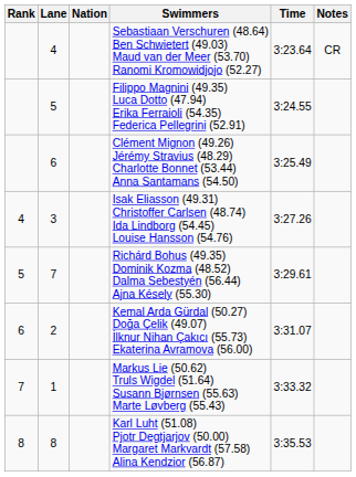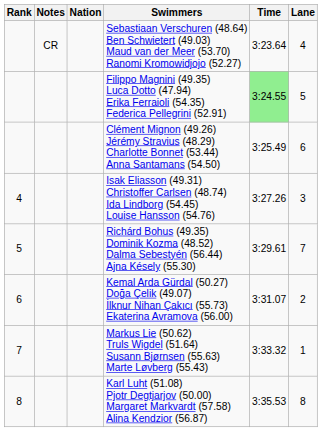 <table class="wikitable sortable" style="text-align:center">
 <tr>
 <th>Rank</th>
-<th>Lane</th>
+<th>Notes</th>
 <th>Nation</th>
 <th>Swimmers</th>
 <th>Time</th>
-<th>Notes</th>
+<th>Lane</th>
 </tr>
 <tr>
 <td></td>
-<td>4</td>
+<td>CR</td>
 <td align=left></td>
 <td align=left><a href='#'>Sebastiaan Verschuren</a> (48.64)<br><a href='#'>Ben Schwietert</a> (49.03)<br><a href='#'>Maud van der Meer</a> (53.70)<br><a href='#'>Ranomi Kromowidjojo</a> (52.27)</td>
 <td>3:23.64</td>
-<td>CR</td>
+<td>4</td>
 </tr>
 <tr>
 <td></td>
-<td>5</td>
+<td></td>
 <td align=left></td>
 <td align=left><a href='#'>Filippo Magnini</a> (49.35)<br><a href='#'>Luca Dotto</a> (47.94)<br><a href='#'>Erika Ferraioli</a> (54.35)<br><a href='#'>Federica Pellegrini</a> (52.91)</td>
-<td>3:24.55</td>
-<td></td>
+<td style="background: lightgreen;">3:24.55</td>
+<td>5</td>
 </tr>
 <tr>
 <td></td>
-<td>6</td>
+<td></td>
 <td align=left></td>
 <td align=left><a href='#'>Clément Mignon</a> (49.26)<br><a href='#'>Jérémy Stravius</a> (48.29)<br><a href='#'>Charlotte Bonnet</a> (53.44)<br><a href='#'>Anna Santamans</a> (54.50)</td>
 <td>3:25.49</td>
-<td></td>
+<td>6</td>
 </tr>
 <tr>
 <td>4</td>
-<td>3</td>
+<td></td>
 <td align=left></td>
 <td align=left><a href='#'>Isak Eliasson</a> (49.31)<br><a href='#'>Christoffer Carlsen</a> (48.74)<br><a href='#'>Ida Lindborg</a> (54.45)<br><a href='#'>Louise Hansson</a> (54.76)</td>
 <td>3:27.26</td>
-<td></td>
+<td>3</td>
 </tr>
 <tr>
 <td>5</td>
-<td>7</td>
+<td></td>
 <td align=left></td>
 <td align=left><a href='#'>Richárd Bohus</a> (49.35)<br><a href='#'>Dominik Kozma</a> (48.52)<br><a href='#'>Dalma Sebestyén</a> (56.44)<br><a href='#'>Ajna Késely</a> (55.30)</td>
 <td>3:29.61</td>
-<td></td>
+<td>7</td>
 </tr>
 <tr>
 <td>6</td>
-<td>2</td>
+<td></td>
 <td align=left></td>
 <td align=left><a href='#'>Kemal Arda Gürdal</a> (50.27)<br><a href='#'>Doğa Çelik</a> (49.07)<br><a href='#'>İlknur Nihan Çakıcı</a> (55.73)<br><a href='#'>Ekaterina Avramova</a> (56.00)</td>
 <td>3:31.07</td>
-<td></td>
+<td>2</td>
 </tr>
 <tr>
 <td>7</td>
-<td>1</td>
+<td></td>
 <td align=left></td>
 <td align=left><a href='#'>Markus Lie</a> (50.62)<br><a href='#'>Truls Wigdel</a> (51.64)<br><a href='#'>Susann Bjørnsen</a> (55.63)<br><a href='#'>Marte Løvberg</a> (55.43)</td>
 <td>3:33.32</td>
-<td></td>
+<td>1</td>
 </tr>
 <tr>
 <td>8</td>
-<td>8</td>
+<td></td>
 <td align=left></td>
 <td align=left><a href='#'>Karl Luht</a> (51.08)<br><a href='#'>Pjotr Degtjarjov</a> (50.00)<br><a href='#'>Margaret Markvardt</a> (57.58)<br><a href='#'>Alina Kendzior</a> (56.87)</td>
 <td>3:35.53</td>
-<td></td>
+<td>8</td>
 </tr>
 </table>
